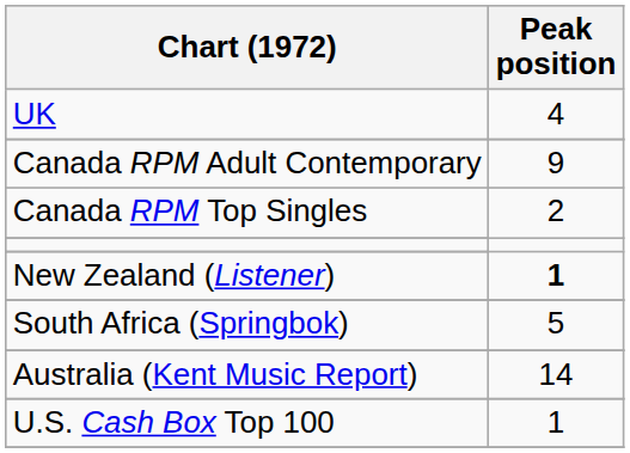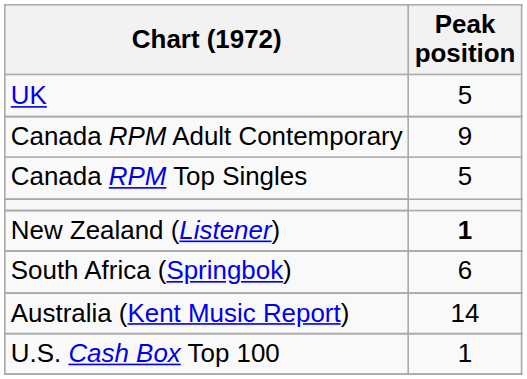 <table class="wikitable sortable">
 <tr>
 <th>Chart (1972)</th>
 <th>Peak<br>position</th>
 </tr>
 <tr>
 <td><a href='#'>UK</a></td>
-<td style="text-align:center;">4</td>
+<td style="text-align:center;">5</td>
 </tr>
 <tr>
 </tr>
 <tr>
 </tr>
 <tr>
 <td>Canada <em>RPM</em> Adult Contemporary</td>
 <td style="text-align:center;">9</td>
 </tr>
 <tr>
 <td>Canada <em><a href='#'>RPM</a></em> Top Singles</td>
-<td style="text-align:center;">2</td>
+<td style="text-align:center;">5</td>
 </tr>
 <tr>
 </tr>
 <tr>
 <td></td>
 </tr>
 <tr>
 </tr>
 <tr>
 <td>New Zealand (<em><a href='#'>Listener</a></em>)</td>
 <td style="text-align:center;"><strong>1</strong></td>
 </tr>
 <tr>
 </tr>
 <tr>
 <td>South Africa (<a href='#'>Springbok</a>)</td>
-<td align="center">5</td>
+<td align="center">6</td>
 </tr>
 <tr>
 </tr>
 <tr>
 <td>Australia (<a href='#'>Kent Music Report</a>)</td>
 <td style="text-align:center;">14</td>
 </tr>
 <tr>
 </tr>
 <tr>
 </tr>
 <tr>
 <td>U.S. <a href='#'><em>Cash Box</em></a> Top 100</td>
 <td align="center">1</td>
 </tr>
 <tr>
 </tr>
 </table>
